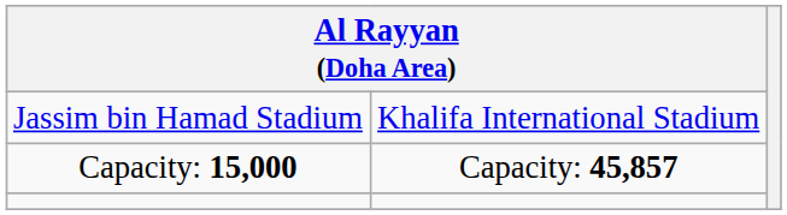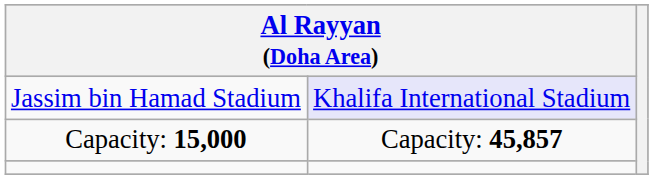 <table class="wikitable" style="text-align:center;margin:1em auto;">
 <tr>
 <th colspan="2"><a href='#'>Al Rayyan</a><br><small>(<a href='#'>Doha Area</a>)</small></th>
 <th rowspan="4"></th>
 </tr>
 <tr>
 <td><a href='#'>Jassim bin Hamad Stadium</a></td>
-<td><a href='#'>Khalifa International Stadium</a></td>
+<td style="background: lavender;"><a href='#'>Khalifa International Stadium</a></td>
 </tr>
 <tr>
 <td>Capacity: <strong>15,000</strong></td>
 <td>Capacity: <strong>45,857</strong></td>
 </tr>
 <tr>
 <td></td>
 <td></td>
 </tr>
 </table>
